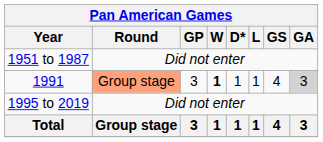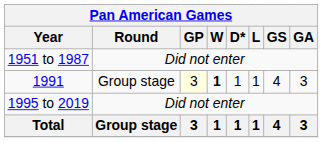 <table class="wikitable" style="text-align: center;">
 <tr>
 <th colspan=9><a href='#'>Pan American Games</a></th>
 </tr>
 <tr>
 <th>Year</th>
 <th>Round</th>
 <th>GP</th>
 <th>W</th>
 <th>D*</th>
 <th>L</th>
 <th>GS</th>
 <th>GA</th>
 </tr>
 <tr>
 <td><a href='#'>1951</a> to <a href='#'>1987</a></td>
 <td colspan=8><em>Did not enter</em></td>
 </tr>
 <tr>
 <td> <a href='#'>1991</a></td>
-<td style="background: lightsalmon;">Group stage</td>
-<td>3</td>
+<td>Group stage</td>
+<td style="background: lightyellow;">3</td>
 <td><strong>1</strong></td>
 <td>1</td>
 <td>1</td>
 <td>4</td>
-<td style="background: lightgrey;">3</td>
+<td>3</td>
 </tr>
 <tr>
 <td><a href='#'>1995</a> to <a href='#'>2019</a></td>
 <td colspan=8><em>Did not enter</em></td>
 </tr>
 <tr>
 <th>Total</th>
 <th>Group stage</th>
 <th>3</th>
 <th>1</th>
 <th>1</th>
 <th>1</th>
 <th>4</th>
 <th>3</th>
 </tr>
 <tr>
 </tr>
 </table>
